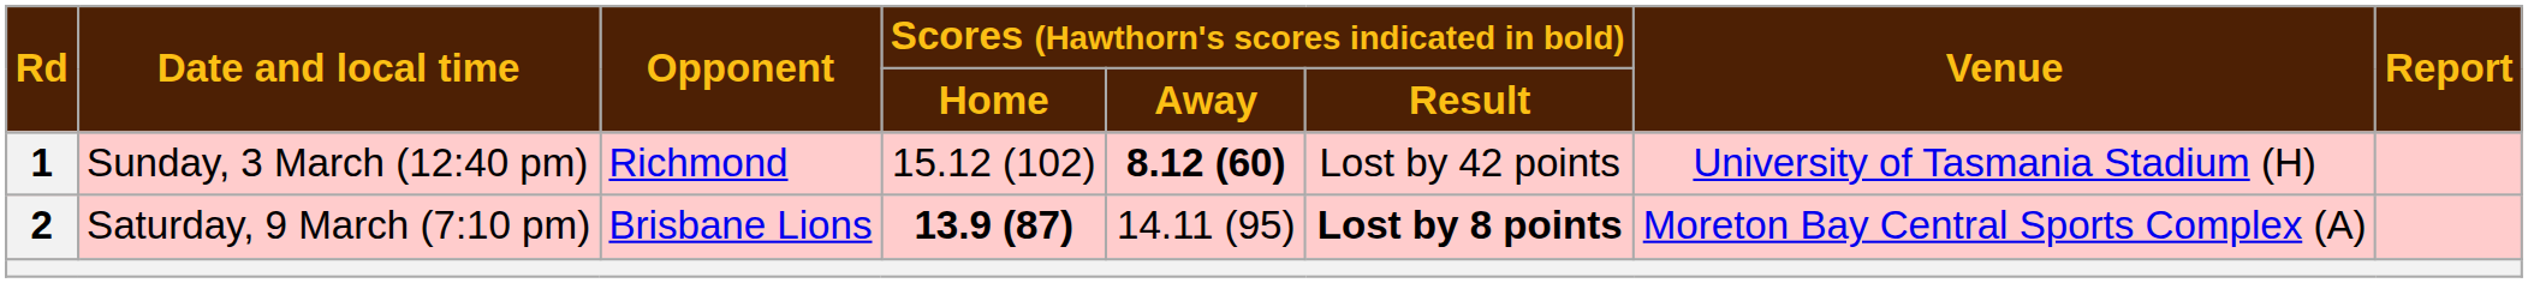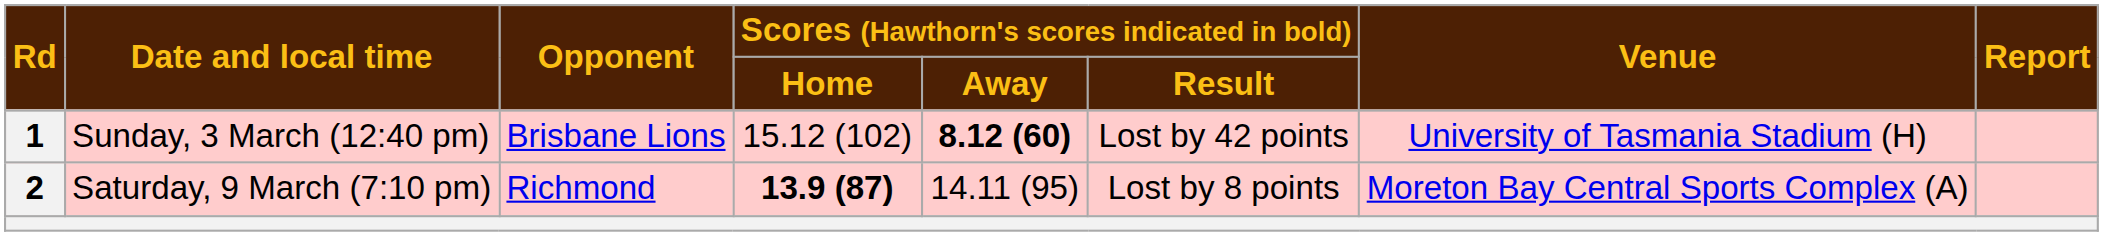 <table class="wikitable" style="text-align:center">
 <tr>
 <th rowspan="2" style="background: #4D2004; color: #FBBF15">Rd</th>
 <th rowspan="2" style="background: #4D2004; color: #FBBF15">Date and local time</th>
 <th rowspan="2" style="background: #4D2004; color: #FBBF15">Opponent</th>
 <th colspan="3" style="background: #4D2004; color: #FBBF15">Scores <small>(Hawthorn's scores indicated in bold)</small></th>
 <th rowspan="2" style="background: #4D2004; color: #FBBF15">Venue</th>
 <th rowspan="2" style="background: #4D2004; color: #FBBF15">Report</th>
 </tr>
 <tr>
 <th style="background: #4D2004; color: #FBBF15">Home</th>
 <th style="background: #4D2004; color: #FBBF15">Away</th>
 <th style="background: #4D2004; color: #FBBF15">Result</th>
 </tr>
 <tr style="background:#fcc">
 <th>1</th>
 <td align=left>Sunday, 3 March (12:40 pm)</td>
-<td align=left><a href='#'>Richmond</a></td>
+<td align=left><a href='#'>Brisbane Lions</a></td>
 <td>15.12 (102)</td>
 <td><strong>8.12 (60)</strong></td>
 <td>Lost by 42 points</td>
 <td><a href='#'>University of Tasmania Stadium</a> (H)</td>
 <td></td>
 </tr>
 <tr style="background:#fcc">
 <th>2</th>
 <td align=left>Saturday, 9 March (7:10 pm)</td>
-<td align=left><a href='#'>Brisbane Lions</a></td>
+<td align=left><a href='#'>Richmond</a></td>
 <td><strong>13.9 (87)</strong></td>
 <td>14.11 (95)</td>
-<td><strong>Lost by 8 points</strong></td>
+<td>Lost by 8 points</td>
 <td><a href='#'>Moreton Bay Central Sports Complex</a> (A)</td>
 <td></td>
 </tr>
 <tr>
 <th colspan="8"></th>
 </tr>
 </table>
